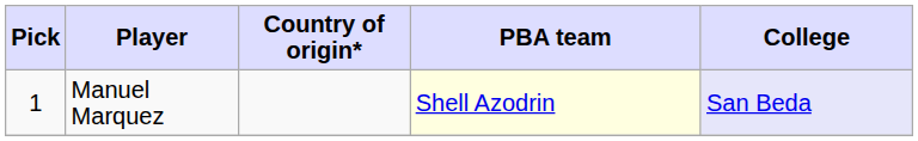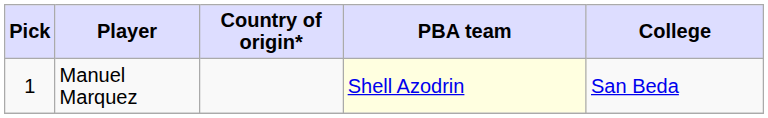 <table class="wikitable">
 <tr>
 <th style="background:#DDDDFF;">Pick</th>
 <th style="background:#DDDDFF;" width="20%">Player</th>
 <th style="background:#DDDDFF;" width="20%">Country of origin*</th>
 <th style="background:#DDDDFF;" width="35%">PBA team</th>
 <th style="background:#DDDDFF;" width="25%">College</th>
 </tr>
 <tr>
 <td align=center>1</td>
 <td>Manuel Marquez</td>
 <td></td>
 <td style="background: lightyellow;"><a href='#'>Shell Azodrin</a></td>
-<td style="background: lavender;"><a href='#'>San Beda</a></td>
+<td><a href='#'>San Beda</a></td>
 </tr>
 <tr>
 </tr>
 </table>
